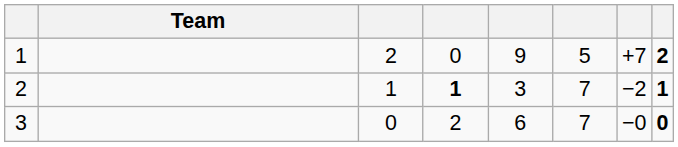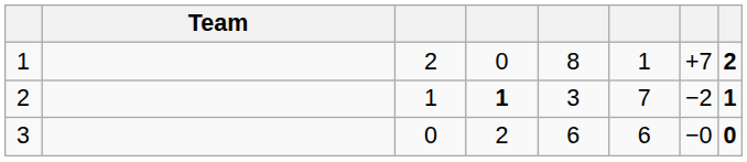 <table class="wikitable" style="text-align:center" width="500">
 <tr>
 <th width="5%"></th>
 <th width="50%">Team</th>
 <th width="10%"></th>
 <th width="10%"></th>
 <th width="10%"></th>
 <th width="10%"></th>
 <th width="10%"></th>
 <th width="10%"></th>
 </tr>
 <tr>
 <td>1</td>
 <td style="text-align:left"></td>
 <td>2</td>
 <td>0</td>
-<td>9</td>
-<td>5</td>
+<td>8</td>
+<td>1</td>
 <td>+7</td>
 <td><strong>2</strong></td>
 </tr>
 <tr>
 <td>2</td>
 <td style="text-align:left"></td>
 <td>1</td>
 <td><strong>1</strong></td>
 <td>3</td>
 <td>7</td>
 <td>−2</td>
 <td><strong>1</strong></td>
 </tr>
 <tr>
 <td>3</td>
 <td style="text-align:left"></td>
 <td>0</td>
 <td>2</td>
 <td>6</td>
-<td>7</td>
+<td>6</td>
 <td>−0</td>
 <td><strong>0</strong></td>
 </tr>
 </table>
